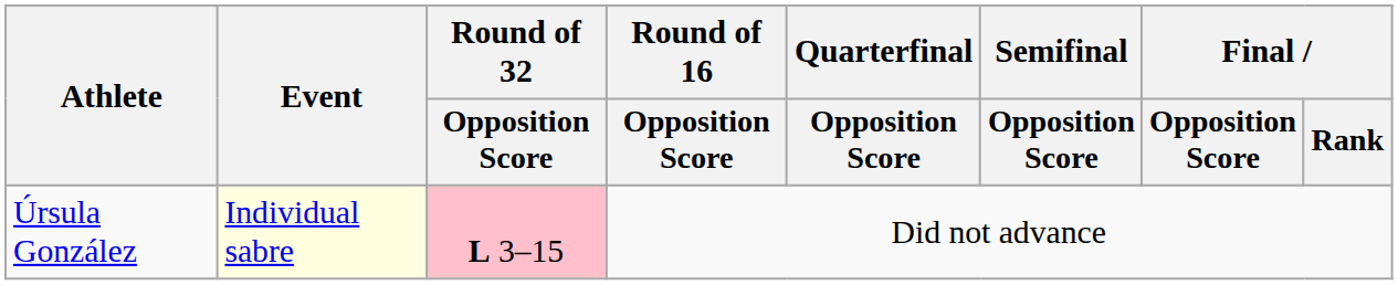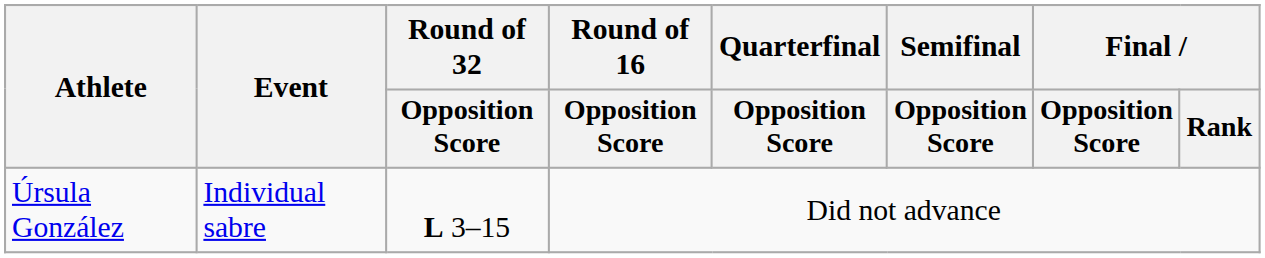 <table class="wikitable" style="font-size:90%">
 <tr>
 <th rowspan="2">Athlete</th>
 <th rowspan="2">Event</th>
 <th>Round of 32</th>
 <th>Round of 16</th>
 <th>Quarterfinal</th>
 <th>Semifinal</th>
 <th colspan=2>Final / </th>
 </tr>
 <tr style="font-size:95%">
 <th>Opposition <br> Score</th>
 <th>Opposition <br> Score</th>
 <th>Opposition <br> Score</th>
 <th>Opposition <br> Score</th>
 <th>Opposition <br> Score</th>
 <th>Rank</th>
 </tr>
 <tr align=center>
 <td align=left><a href='#'>Úrsula González</a></td>
-<td align=left style="background: lightyellow;"><a href='#'>Individual sabre</a></td>
-<td style="background: pink;"><br><strong>L</strong> 3–15</td>
+<td align=left><a href='#'>Individual sabre</a></td>
+<td><br><strong>L</strong> 3–15</td>
 <td colspan=5>Did not advance</td>
 </tr>
 </table>
